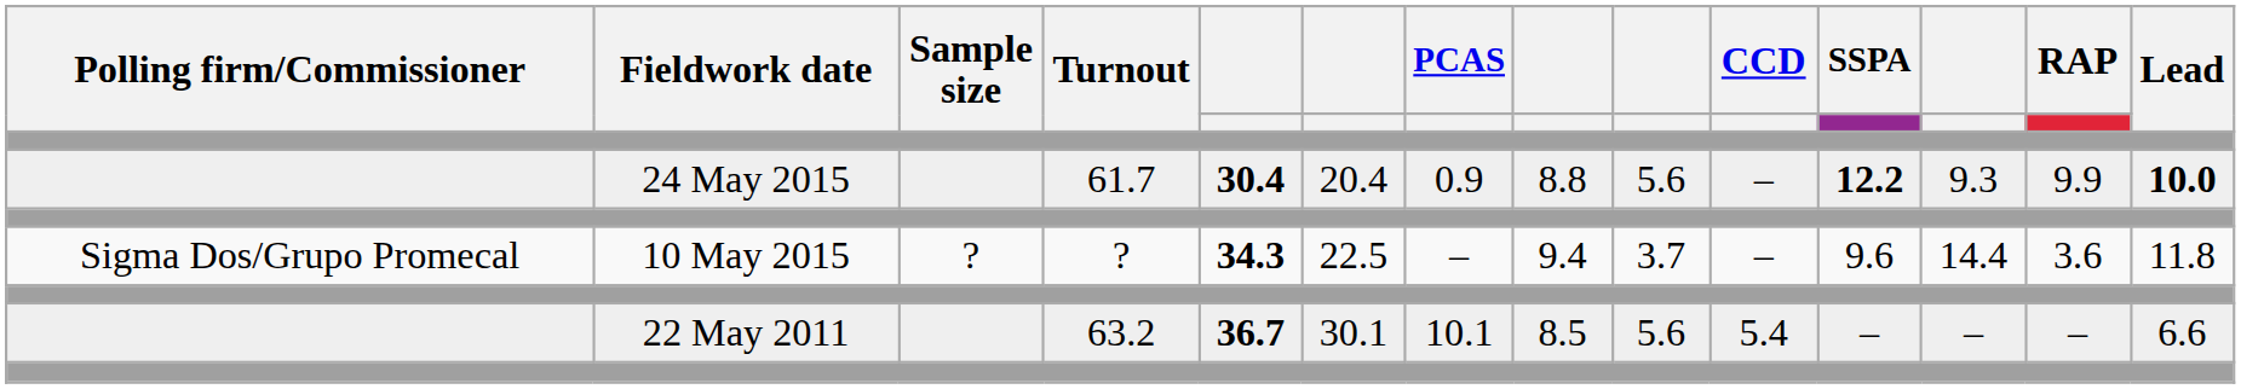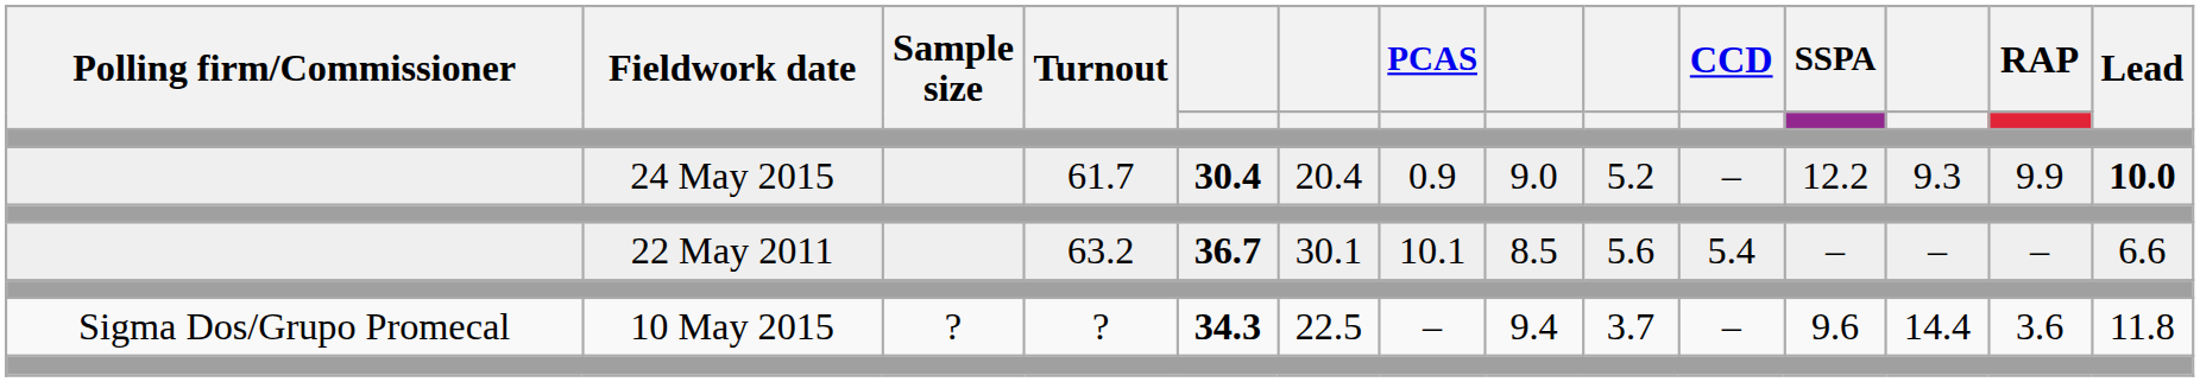 <table class="wikitable collapsible collapsed" style="text-align:center; font-size:95%; line-height:16px;">
 <tr style="height:42px;">
 <th style="width:250px;" rowspan="2">Polling firm/Commissioner</th>
 <th style="width:125px;" rowspan="2">Fieldwork date</th>
 <th style="width:50px;" rowspan="2">Sample size</th>
 <th style="width:45px;" rowspan="2">Turnout</th>
 <th style="width:35px;"></th>
 <th style="width:35px;"></th>
 <th style="width:35px; font-size:90%;"><a href='#'>PCAS</a></th>
 <th style="width:35px;"></th>
 <th style="width:35px;"></th>
 <th style="width:35px;"><a href='#'>CCD</a></th>
 <th style="width:35px; font-size:90%;">SSPA</th>
 <th style="width:35px;"></th>
 <th style="width:35px;">RAP</th>
 <th style="width:30px;" rowspan="2">Lead</th>
 </tr>
 <tr>
 <th style="color:inherit;background:"></th>
 <th style="color:inherit;background:"></th>
 <th style="color:inherit;background:"></th>
 <th style="color:inherit;background:"></th>
 <th style="color:inherit;background:"></th>
 <th style="color:inherit;background:"></th>
 <th style="color:inherit;background:#922790;"></th>
 <th style="color:inherit;background:"></th>
 <th style="color:inherit;background:#E12438;"></th>
 </tr>
 <tr>
 <td colspan="14" style="background:#A0A0A0"></td>
 </tr>
 <tr style="background:#EFEFEF;">
 <td><strong></strong></td>
 <td>24 May 2015</td>
 <td></td>
 <td>61.7</td>
 <td><strong>30.4</strong><br></td>
 <td>20.4<br></td>
 <td>0.9<br></td>
-<td>8.8<br></td>
-<td>5.6<br></td>
+<td>9.0<br></td>
+<td>5.2<br></td>
 <td>–</td>
-<td><strong>12.2<br></strong></td>
+<td>12.2<br></td>
 <td>9.3<br></td>
 <td>9.9<br></td>
 <td style="background:"><strong>10.0</strong></td>
+</tr>
+<tr>
+<td colspan="14" style="background:#A0A0A0"></td>
+</tr>
+<tr style="background:#EFEFEF;">
+<td><strong></strong></td>
+<td>22 May 2011</td>
+<td></td>
+<td>63.2</td>
+<td><strong>36.7</strong><br></td>
+<td>30.1<br></td>
+<td>10.1<br></td>
+<td>8.5<br></td>
+<td>5.6<br></td>
+<td>5.4<br></td>
+<td>–</td>
+<td>–</td>
+<td>–</td>
+<td style="background:">6.6</td>
 </tr>
 <tr>
 <td colspan="14" style="background:#A0A0A0"></td>
 </tr>
 <tr>
 <td>Sigma Dos/Grupo Promecal</td>
 <td>10 May 2015</td>
 <td>?</td>
 <td>?</td>
 <td><strong>34.3</strong><br></td>
 <td>22.5<br></td>
 <td>–</td>
 <td>9.4<br></td>
 <td>3.7<br></td>
 <td>–</td>
 <td>9.6<br></td>
 <td>14.4<br></td>
 <td>3.6<br></td>
 <td style="background:">11.8</td>
 </tr>
 <tr>
 <td colspan="14" style="background:#A0A0A0"></td>
 </tr>
-<tr style="background:#EFEFEF;">
-<td><strong></strong></td>
-<td>22 May 2011</td>
-<td></td>
-<td>63.2</td>
-<td><strong>36.7</strong><br></td>
-<td>30.1<br></td>
-<td>10.1<br></td>
-<td>8.5<br></td>
-<td>5.6<br></td>
-<td>5.4<br></td>
-<td>–</td>
-<td>–</td>
-<td>–</td>
-<td style="background:">6.6</td>
-</tr>
-<tr>
-<td colspan="14" style="background:#A0A0A0"></td>
-</tr>
 </table>
